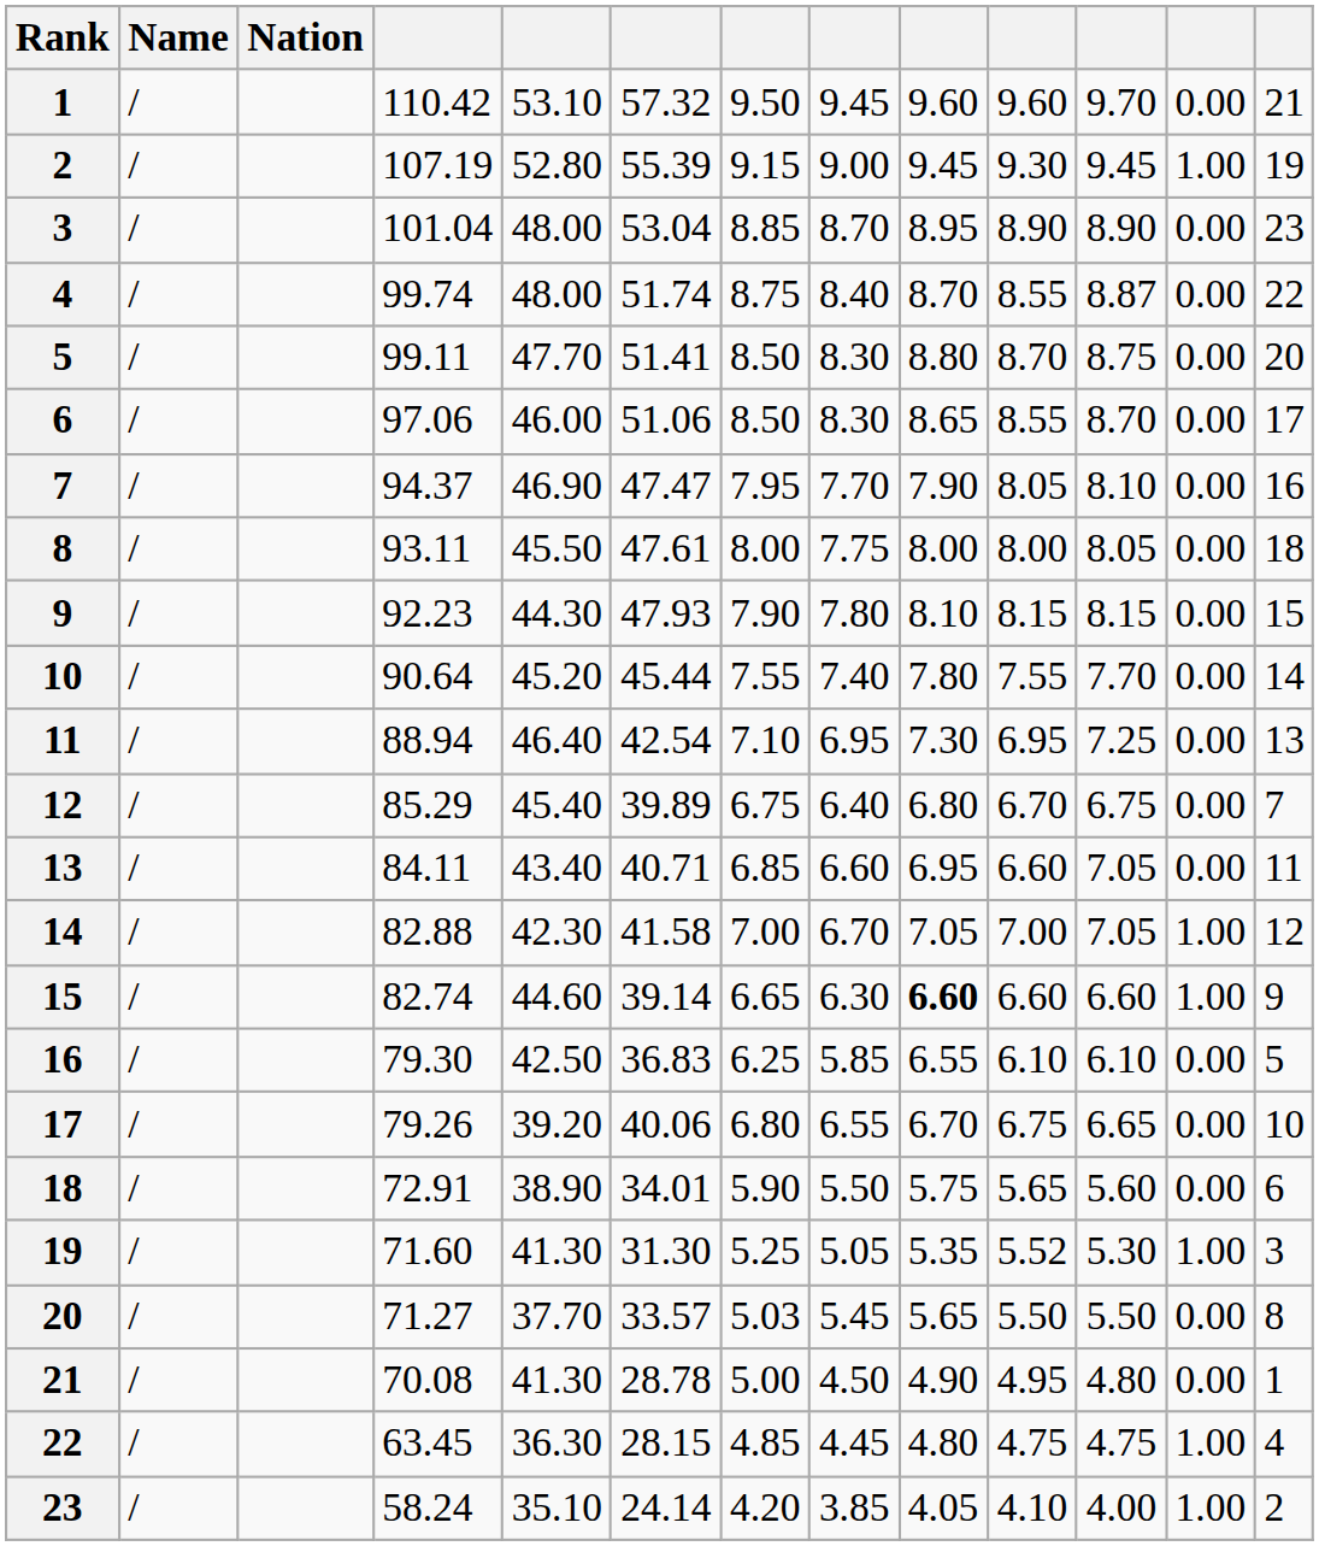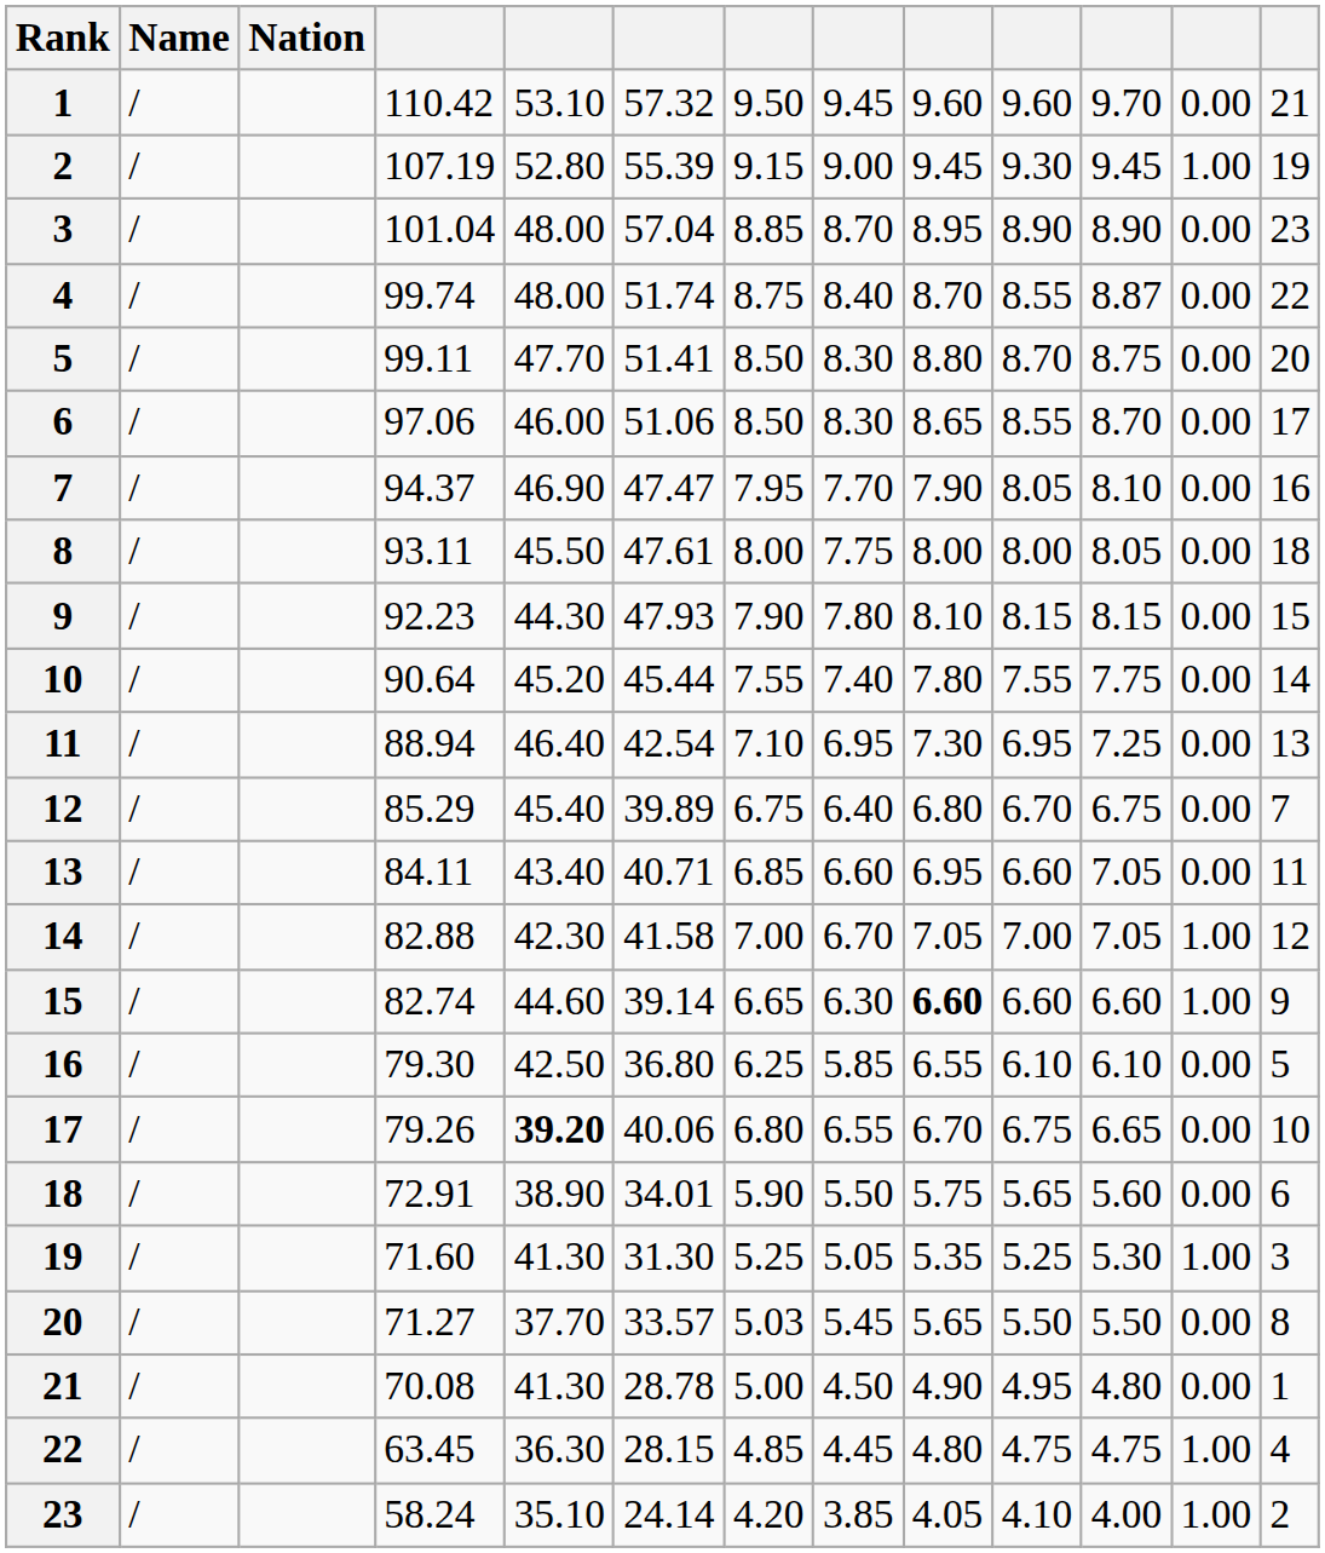 <table class="wikitable sortable">
 <tr>
 <th>Rank</th>
 <th>Name</th>
 <th>Nation</th>
 <th></th>
 <th></th>
 <th></th>
 <th></th>
 <th></th>
 <th></th>
 <th></th>
 <th></th>
 <th></th>
 <th></th>
 </tr>
 <tr>
 <th>1</th>
 <td> / </td>
 <td></td>
 <td>110.42</td>
 <td>53.10</td>
 <td>57.32</td>
 <td>9.50</td>
 <td>9.45</td>
 <td>9.60</td>
 <td>9.60</td>
 <td>9.70</td>
 <td>0.00</td>
 <td>21</td>
 </tr>
 <tr>
 <th>2</th>
 <td> / </td>
 <td></td>
 <td>107.19</td>
 <td>52.80</td>
 <td>55.39</td>
 <td>9.15</td>
 <td>9.00</td>
 <td>9.45</td>
 <td>9.30</td>
 <td>9.45</td>
 <td>1.00</td>
 <td>19</td>
 </tr>
 <tr>
 <th>3</th>
 <td> / </td>
 <td></td>
 <td>101.04</td>
 <td>48.00</td>
-<td>53.04</td>
+<td>57.04</td>
 <td>8.85</td>
 <td>8.70</td>
 <td>8.95</td>
 <td>8.90</td>
 <td>8.90</td>
 <td>0.00</td>
 <td>23</td>
 </tr>
 <tr>
 <th>4</th>
 <td> / </td>
 <td></td>
 <td>99.74</td>
 <td>48.00</td>
 <td>51.74</td>
 <td>8.75</td>
 <td>8.40</td>
 <td>8.70</td>
 <td>8.55</td>
 <td>8.87</td>
 <td>0.00</td>
 <td>22</td>
 </tr>
 <tr>
 <th>5</th>
 <td> / </td>
 <td></td>
 <td>99.11</td>
 <td>47.70</td>
 <td>51.41</td>
 <td>8.50</td>
 <td>8.30</td>
 <td>8.80</td>
 <td>8.70</td>
 <td>8.75</td>
 <td>0.00</td>
 <td>20</td>
 </tr>
 <tr>
 <th>6</th>
 <td> / </td>
 <td></td>
 <td>97.06</td>
 <td>46.00</td>
 <td>51.06</td>
 <td>8.50</td>
 <td>8.30</td>
 <td>8.65</td>
 <td>8.55</td>
 <td>8.70</td>
 <td>0.00</td>
 <td>17</td>
 </tr>
 <tr>
 <th>7</th>
 <td> / </td>
 <td></td>
 <td>94.37</td>
 <td>46.90</td>
 <td>47.47</td>
 <td>7.95</td>
 <td>7.70</td>
 <td>7.90</td>
 <td>8.05</td>
 <td>8.10</td>
 <td>0.00</td>
 <td>16</td>
 </tr>
 <tr>
 <th>8</th>
 <td> / </td>
 <td></td>
 <td>93.11</td>
 <td>45.50</td>
 <td>47.61</td>
 <td>8.00</td>
 <td>7.75</td>
 <td>8.00</td>
 <td>8.00</td>
 <td>8.05</td>
 <td>0.00</td>
 <td>18</td>
 </tr>
 <tr>
 <th>9</th>
 <td> / </td>
 <td></td>
 <td>92.23</td>
 <td>44.30</td>
 <td>47.93</td>
 <td>7.90</td>
 <td>7.80</td>
 <td>8.10</td>
 <td>8.15</td>
 <td>8.15</td>
 <td>0.00</td>
 <td>15</td>
 </tr>
 <tr>
 <th>10</th>
 <td> / </td>
 <td></td>
 <td>90.64</td>
 <td>45.20</td>
 <td>45.44</td>
 <td>7.55</td>
 <td>7.40</td>
 <td>7.80</td>
 <td>7.55</td>
-<td>7.70</td>
+<td>7.75</td>
 <td>0.00</td>
 <td>14</td>
 </tr>
 <tr>
 <th>11</th>
 <td> / </td>
 <td></td>
 <td>88.94</td>
 <td>46.40</td>
 <td>42.54</td>
 <td>7.10</td>
 <td>6.95</td>
 <td>7.30</td>
 <td>6.95</td>
 <td>7.25</td>
 <td>0.00</td>
 <td>13</td>
 </tr>
 <tr>
 <th>12</th>
 <td> / </td>
 <td></td>
 <td>85.29</td>
 <td>45.40</td>
 <td>39.89</td>
 <td>6.75</td>
 <td>6.40</td>
 <td>6.80</td>
 <td>6.70</td>
 <td>6.75</td>
 <td>0.00</td>
 <td>7</td>
 </tr>
 <tr>
 <th>13</th>
 <td> / </td>
 <td></td>
 <td>84.11</td>
 <td>43.40</td>
 <td>40.71</td>
 <td>6.85</td>
 <td>6.60</td>
 <td>6.95</td>
 <td>6.60</td>
 <td>7.05</td>
 <td>0.00</td>
 <td>11</td>
 </tr>
 <tr>
 <th>14</th>
 <td> / </td>
 <td></td>
 <td>82.88</td>
 <td>42.30</td>
 <td>41.58</td>
 <td>7.00</td>
 <td>6.70</td>
 <td>7.05</td>
 <td>7.00</td>
 <td>7.05</td>
 <td>1.00</td>
 <td>12</td>
 </tr>
 <tr>
 <th>15</th>
 <td> / </td>
 <td></td>
 <td>82.74</td>
 <td>44.60</td>
 <td>39.14</td>
 <td>6.65</td>
 <td>6.30</td>
 <td><strong>6.60</strong></td>
 <td>6.60</td>
 <td>6.60</td>
 <td>1.00</td>
 <td>9</td>
 </tr>
 <tr>
 <th>16</th>
 <td> / </td>
 <td></td>
 <td>79.30</td>
 <td>42.50</td>
-<td>36.83</td>
+<td>36.80</td>
 <td>6.25</td>
 <td>5.85</td>
 <td>6.55</td>
 <td>6.10</td>
 <td>6.10</td>
 <td>0.00</td>
 <td>5</td>
 </tr>
 <tr>
 <th>17</th>
 <td> / </td>
 <td></td>
 <td>79.26</td>
-<td>39.20</td>
+<td><strong>39.20</strong></td>
 <td>40.06</td>
 <td>6.80</td>
 <td>6.55</td>
 <td>6.70</td>
 <td>6.75</td>
 <td>6.65</td>
 <td>0.00</td>
 <td>10</td>
 </tr>
 <tr>
 <th>18</th>
 <td> / </td>
 <td></td>
 <td>72.91</td>
 <td>38.90</td>
 <td>34.01</td>
 <td>5.90</td>
 <td>5.50</td>
 <td>5.75</td>
 <td>5.65</td>
 <td>5.60</td>
 <td>0.00</td>
 <td>6</td>
 </tr>
 <tr>
 <th>19</th>
 <td> / </td>
 <td></td>
 <td>71.60</td>
 <td>41.30</td>
 <td>31.30</td>
 <td>5.25</td>
 <td>5.05</td>
 <td>5.35</td>
-<td>5.52</td>
+<td>5.25</td>
 <td>5.30</td>
 <td>1.00</td>
 <td>3</td>
 </tr>
 <tr>
 <th>20</th>
 <td> / </td>
 <td></td>
 <td>71.27</td>
 <td>37.70</td>
 <td>33.57</td>
 <td>5.03</td>
 <td>5.45</td>
 <td>5.65</td>
 <td>5.50</td>
 <td>5.50</td>
 <td>0.00</td>
 <td>8</td>
 </tr>
 <tr>
 <th>21</th>
 <td> / </td>
 <td></td>
 <td>70.08</td>
 <td>41.30</td>
 <td>28.78</td>
 <td>5.00</td>
 <td>4.50</td>
 <td>4.90</td>
 <td>4.95</td>
 <td>4.80</td>
 <td>0.00</td>
 <td>1</td>
 </tr>
 <tr>
 <th>22</th>
 <td> / </td>
 <td></td>
 <td>63.45</td>
 <td>36.30</td>
 <td>28.15</td>
 <td>4.85</td>
 <td>4.45</td>
 <td>4.80</td>
 <td>4.75</td>
 <td>4.75</td>
 <td>1.00</td>
 <td>4</td>
 </tr>
 <tr>
 <th>23</th>
 <td> / </td>
 <td></td>
 <td>58.24</td>
 <td>35.10</td>
 <td>24.14</td>
 <td>4.20</td>
 <td>3.85</td>
 <td>4.05</td>
 <td>4.10</td>
 <td>4.00</td>
 <td>1.00</td>
 <td>2</td>
 </tr>
 </table>
